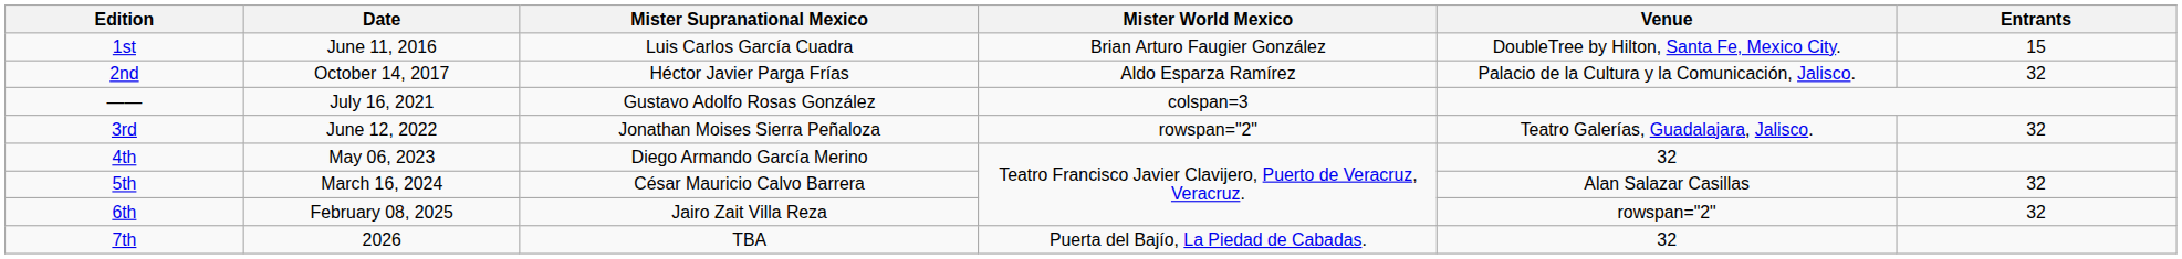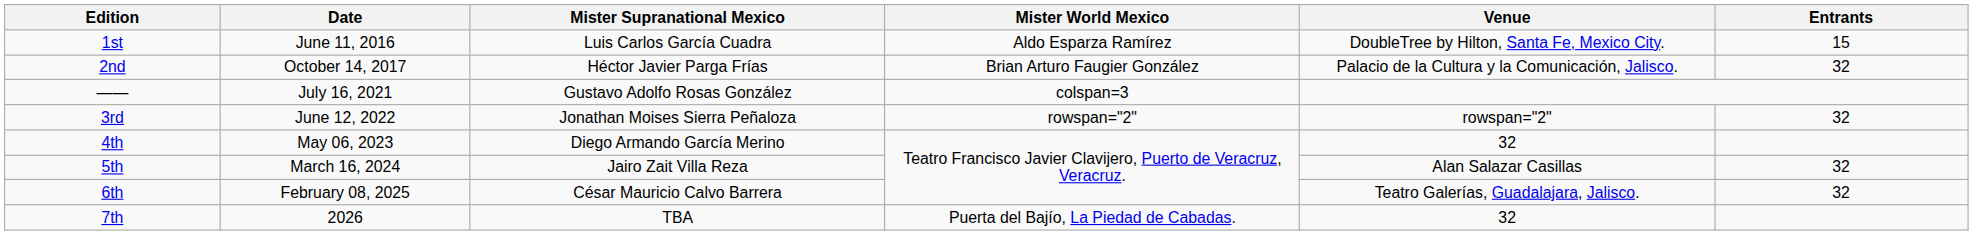 <table class="wikitable" style="text-align:center;font-size:90%; width:90%;">
 <tr>
 <th width="1">Edition</th>
 <th width="1">Date</th>
 <th width="100">Mister Supranational Mexico</th>
 <th width="100">Mister World Mexico</th>
 <th width="100">Venue</th>
 <th width="1">Entrants</th>
 </tr>
 <tr>
 <td><a href='#'>1st</a></td>
 <td>June 11, 2016</td>
 <td>Luis Carlos García Cuadra</td>
-<td>Brian Arturo Faugier González</td>
+<td>Aldo Esparza Ramírez</td>
 <td>DoubleTree by Hilton, <a href='#'>Santa Fe, Mexico City</a>.</td>
 <td>15</td>
 </tr>
 <tr>
 <td><a href='#'>2nd</a></td>
 <td>October 14, 2017</td>
 <td>Héctor Javier Parga Frías</td>
-<td>Aldo Esparza Ramírez</td>
+<td>Brian Arturo Faugier González</td>
 <td>Palacio de la Cultura y la Comunicación, <a href='#'>Jalisco</a>.</td>
 <td>32</td>
 </tr>
 <tr>
 <td>——</td>
 <td>July 16, 2021</td>
 <td>Gustavo Adolfo Rosas González</td>
 <td>colspan=3 </td>
 </tr>
 <tr>
 <td><a href='#'>3rd</a></td>
 <td>June 12, 2022</td>
 <td>Jonathan Moises Sierra Peñaloza</td>
 <td>rowspan="2" </td>
-<td>Teatro Galerías, <a href='#'>Guadalajara</a>, <a href='#'>Jalisco</a>.</td>
+<td>rowspan="2" </td>
 <td>32</td>
 </tr>
 <tr>
 <td><a href='#'>4th</a></td>
 <td>May 06, 2023</td>
 <td>Diego Armando García Merino</td>
 <td rowspan=3>Teatro Francisco Javier Clavijero, <a href='#'>Puerto de Veracruz</a>, <a href='#'>Veracruz</a>.</td>
 <td>32</td>
 </tr>
 <tr>
 <td><a href='#'>5th</a></td>
 <td>March 16, 2024</td>
-<td>César Mauricio Calvo Barrera</td>
+<td>Jairo Zait Villa Reza</td>
 <td>Alan Salazar Casillas</td>
 <td>32</td>
 </tr>
 <tr>
 <td><a href='#'>6th</a></td>
 <td>February 08, 2025</td>
-<td>Jairo Zait Villa Reza</td>
-<td>rowspan="2" </td>
+<td>César Mauricio Calvo Barrera</td>
+<td>Teatro Galerías, <a href='#'>Guadalajara</a>, <a href='#'>Jalisco</a>.</td>
 <td>32</td>
 </tr>
 <tr>
 <td><a href='#'>7th</a></td>
 <td>2026</td>
 <td>TBA</td>
 <td>Puerta del Bajío, <a href='#'>La Piedad de Cabadas</a>.</td>
 <td>32</td>
 </tr>
 </table>
